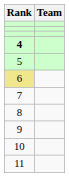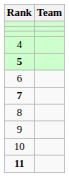 <table class=wikitable style="text-align:center;">
 <tr>
 <th>Rank</th>
 <th>Team</th>
 </tr>
 <tr bgcolor=#ccffcc>
 <td></td>
 <td align=left></td>
 </tr>
 <tr bgcolor=#ccffcc>
 <td></td>
 <td align=left></td>
 </tr>
 <tr bgcolor=#ccffcc>
 <td></td>
 <td align=left></td>
 </tr>
 <tr bgcolor=#ccffcc>
-<td><strong>4</strong></td>
+<td>4</td>
 <td align=left></td>
 </tr>
 <tr bgcolor=#ccffcc>
-<td>5</td>
+<td><strong>5</strong></td>
 <td align=left></td>
 </tr>
 <tr>
-<td style="background: khaki;">6</td>
+<td>6</td>
 <td align=left></td>
 </tr>
 <tr>
-<td>7</td>
+<td><strong>7</strong></td>
 <td align=left></td>
 </tr>
 <tr>
 <td>8</td>
 <td align=left></td>
 </tr>
 <tr>
 <td>9</td>
 <td align=left></td>
 </tr>
 <tr>
 <td>10</td>
 <td align=left></td>
 </tr>
 <tr>
-<td>11</td>
+<td><strong>11</strong></td>
 <td align=left></td>
 </tr>
 </table>
